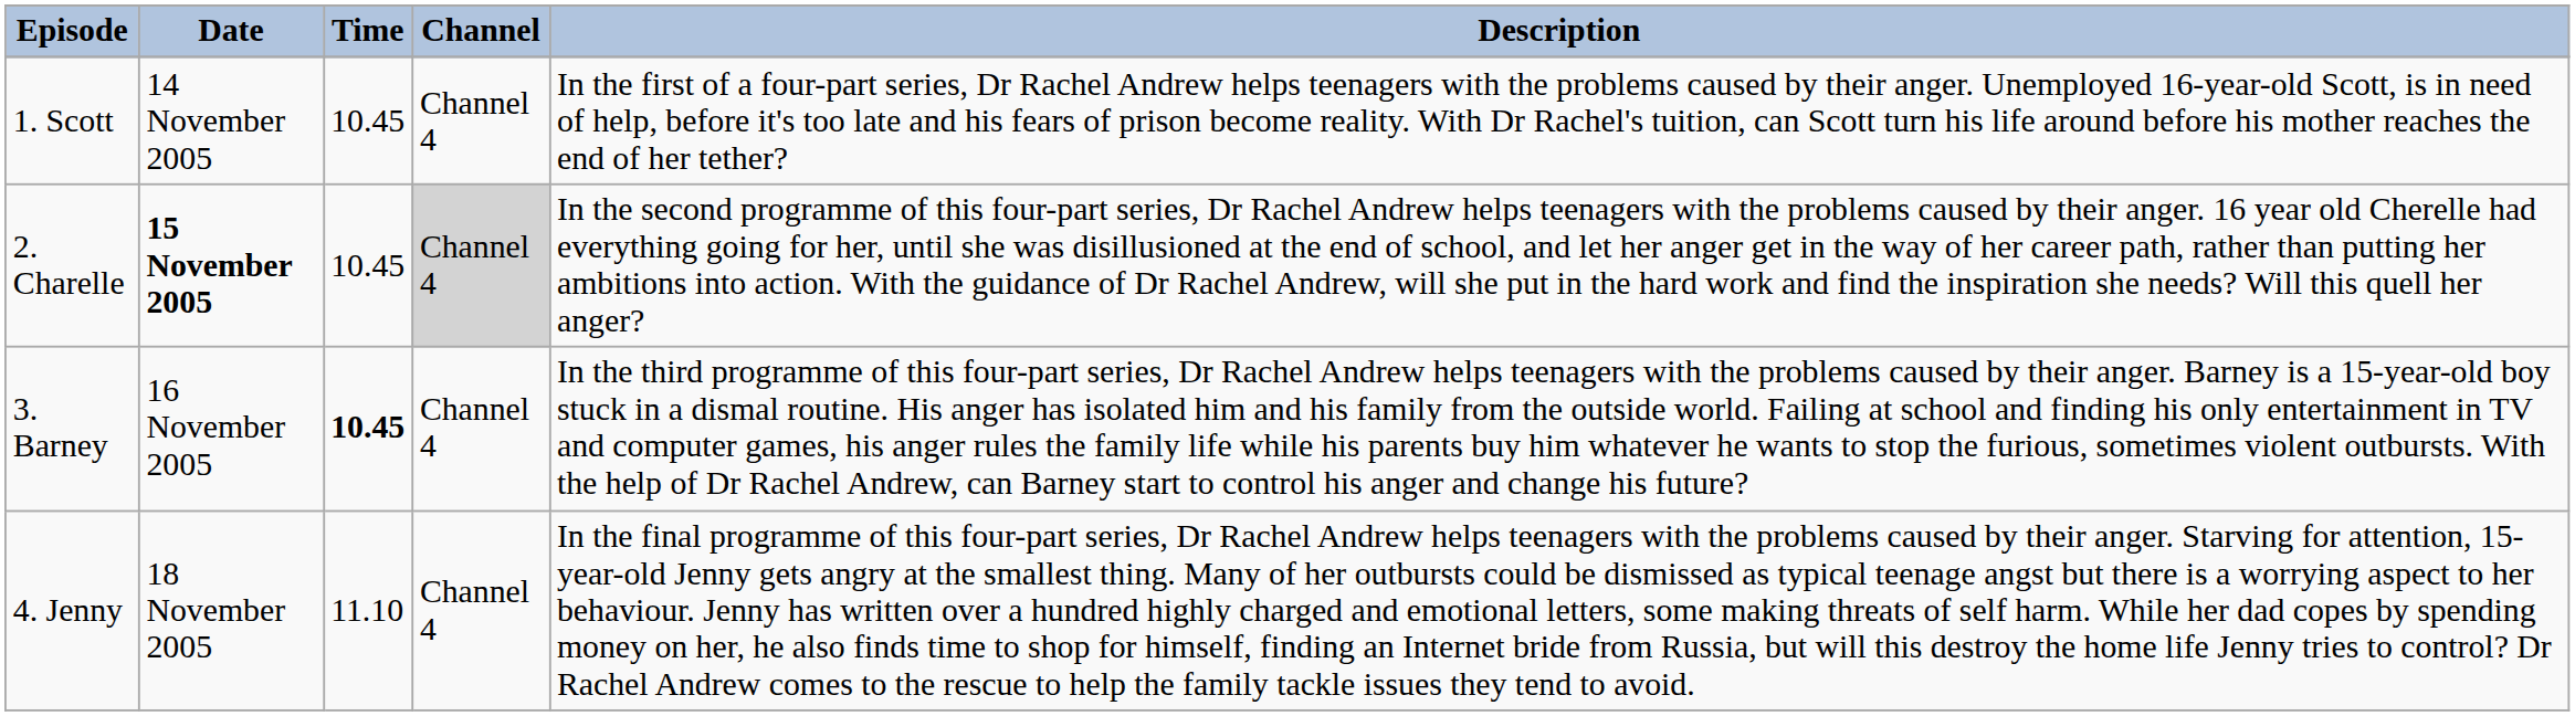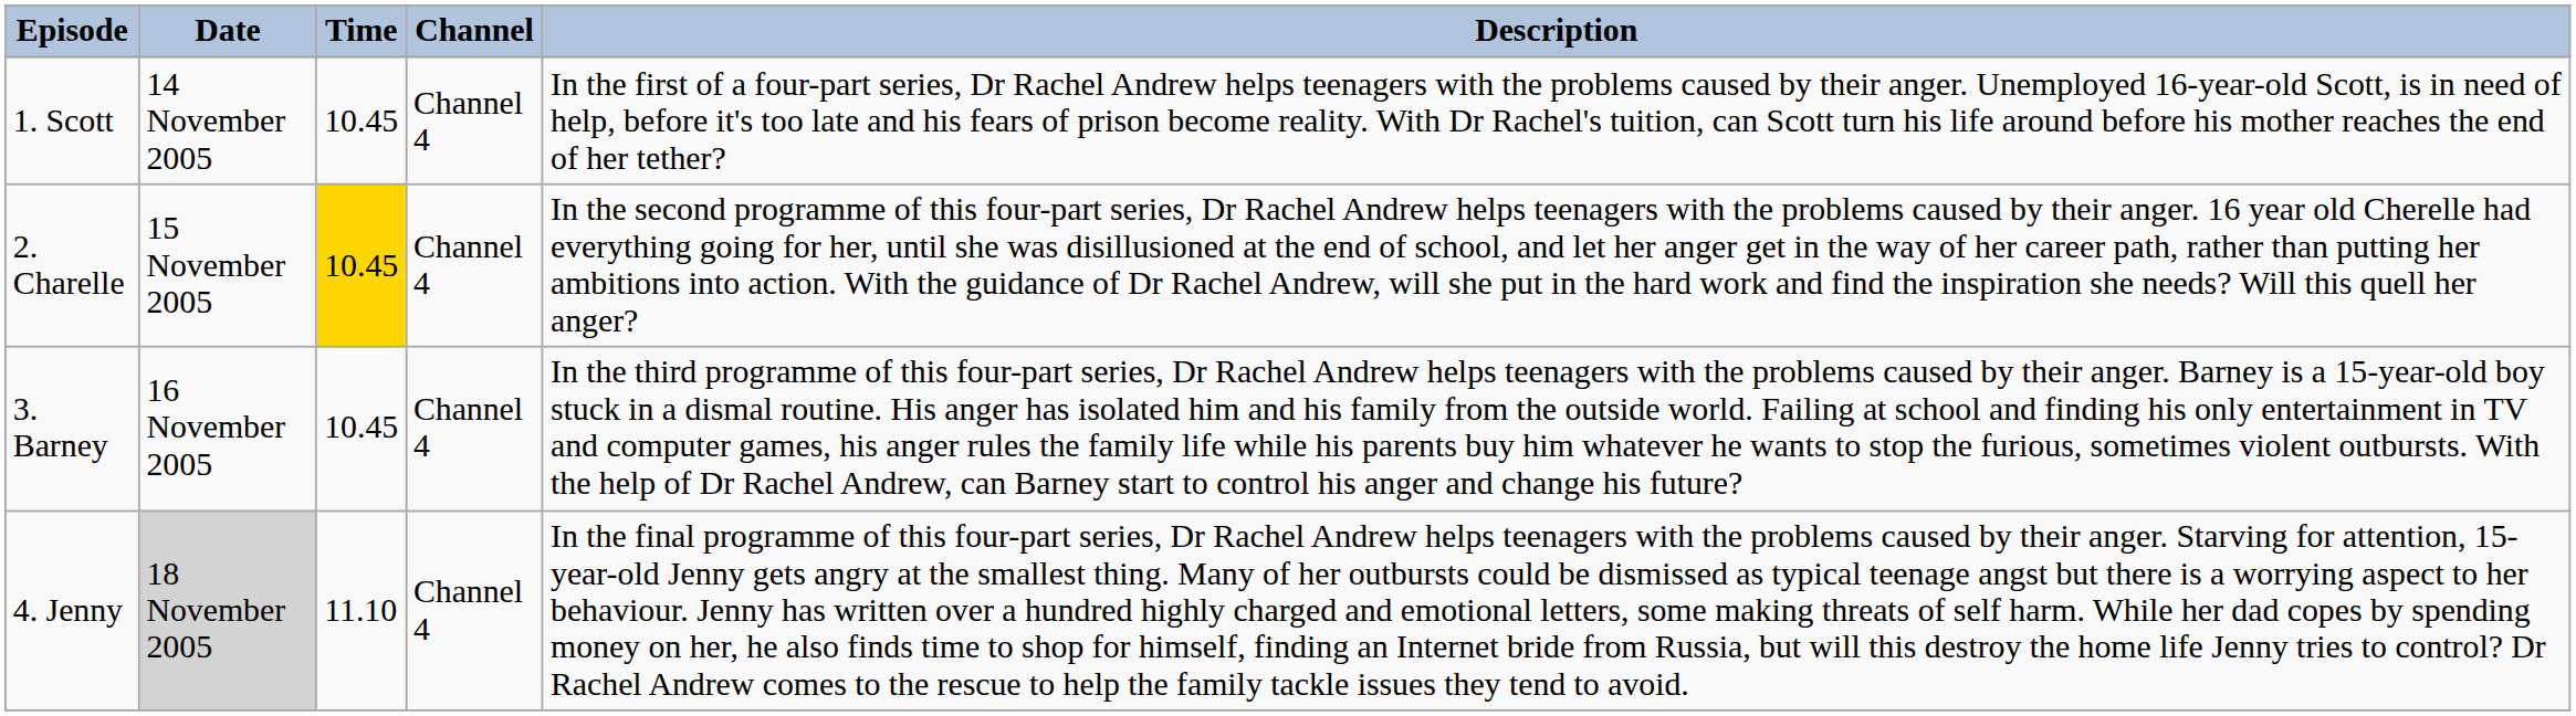 <table class="wikitable sortable">
 <tr>
 </tr>
 <tr>
 <th style="background:#B0C4DE;">Episode</th>
 <th style="background:#B0C4DE;">Date</th>
 <th style="background:#B0C4DE;">Time</th>
 <th style="background:#B0C4DE;">Channel</th>
 <th style="background:#B0C4DE;">Description</th>
 </tr>
 <tr>
 </tr>
 <tr>
 <td>1. Scott</td>
 <td>14 November 2005</td>
 <td>10.45</td>
 <td>Channel 4</td>
 <td>In the first of a four-part series, Dr Rachel Andrew helps teenagers with the problems caused by their anger. Unemployed 16-year-old Scott, is in need of help, before it's too late and his fears of prison become reality. With Dr Rachel's tuition, can Scott turn his life around before his mother reaches the end of her tether?</td>
 </tr>
 <tr>
 <td>2. Charelle</td>
-<td><strong>15 November 2005</strong></td>
-<td>10.45</td>
-<td style="background: lightgrey;">Channel 4</td>
+<td>15 November 2005</td>
+<td style="background: gold;">10.45</td>
+<td>Channel 4</td>
 <td>In the second programme of this four-part series, Dr Rachel Andrew helps teenagers with the problems caused by their anger. 16 year old Cherelle had everything going for her, until she was disillusioned at the end of school, and let her anger get in the way of her career path, rather than putting her ambitions into action. With the guidance of Dr Rachel Andrew, will she put in the hard work and find the inspiration she needs? Will this quell her anger?</td>
 </tr>
 <tr>
 <td>3. Barney</td>
 <td>16 November 2005</td>
-<td><strong>10.45</strong></td>
+<td>10.45</td>
 <td>Channel 4</td>
 <td>In the third programme of this four-part series, Dr Rachel Andrew helps teenagers with the problems caused by their anger. Barney is a 15-year-old boy stuck in a dismal routine. His anger has isolated him and his family from the outside world. Failing at school and finding his only entertainment in TV and computer games, his anger rules the family life while his parents buy him whatever he wants to stop the furious, sometimes violent outbursts. With the help of Dr Rachel Andrew, can Barney start to control his anger and change his future?</td>
 </tr>
 <tr>
 <td>4. Jenny</td>
-<td>18 November 2005</td>
+<td style="background: lightgrey;">18 November 2005</td>
 <td>11.10</td>
 <td>Channel 4</td>
 <td>In the final programme of this four-part series, Dr Rachel Andrew helps teenagers with the problems caused by their anger. Starving for attention, 15-year-old Jenny gets angry at the smallest thing. Many of her outbursts could be dismissed as typical teenage angst but there is a worrying aspect to her behaviour. Jenny has written over a hundred highly charged and emotional letters, some making threats of self harm. While her dad copes by spending money on her, he also finds time to shop for himself, finding an Internet bride from Russia, but will this destroy the home life Jenny tries to control? Dr Rachel Andrew comes to the rescue to help the family tackle issues they tend to avoid.</td>
 </tr>
 </table>
